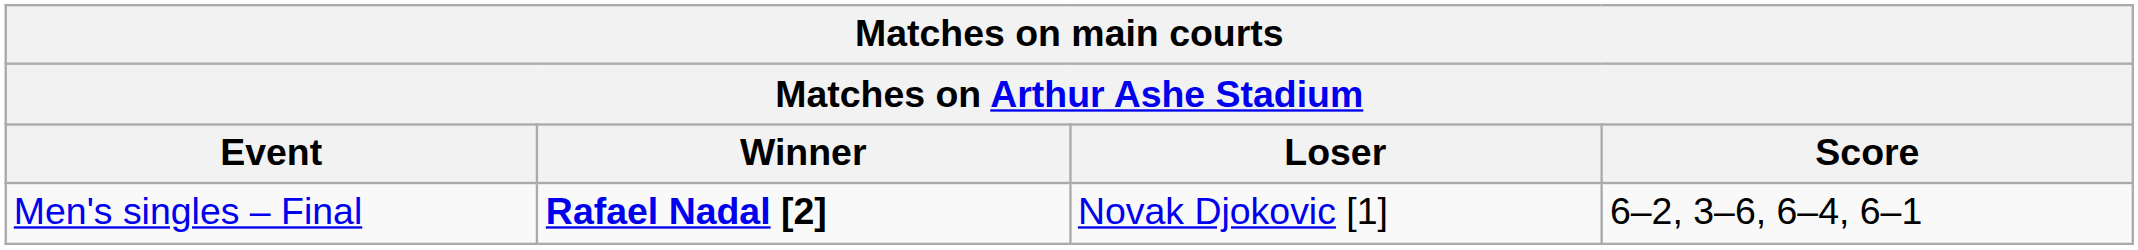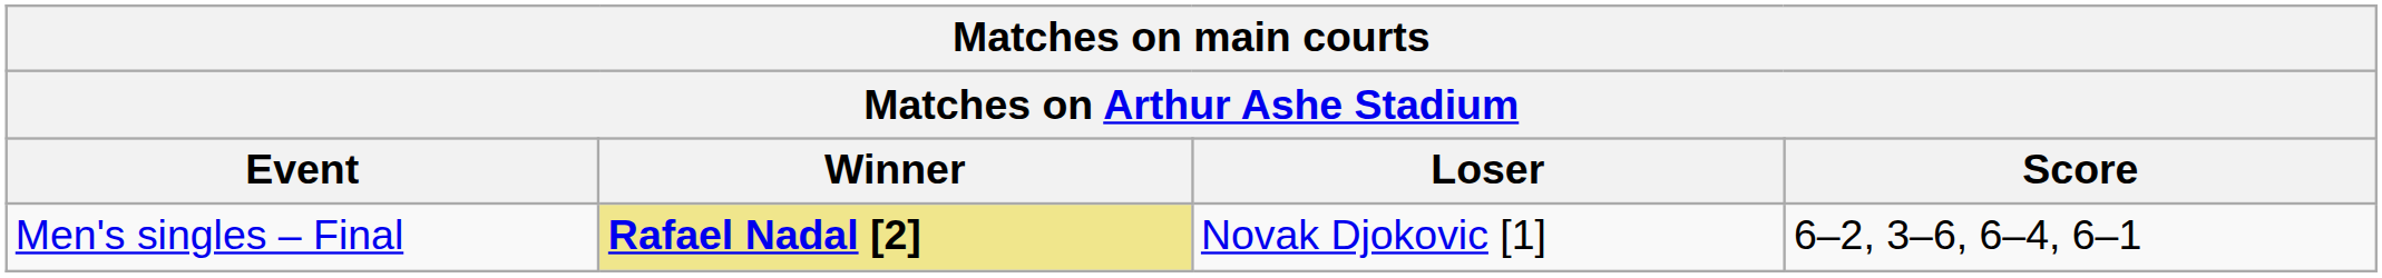 <table class="wikitable collapsible uncollapsed" style="margin:auto;">
 <tr>
 <th colspan="4" style="white-space:nowrap;">Matches on main courts</th>
 </tr>
 <tr>
 <th colspan="4"><strong>Matches on <a href='#'>Arthur Ashe Stadium</a></strong></th>
 </tr>
 <tr>
 <th width="220">Event</th>
 <th width="220">Winner</th>
 <th width="220">Loser</th>
 <th width="220">Score</th>
 </tr>
 <tr>
 <td><a href='#'>Men's singles – Final</a></td>
-<td><strong> <a href='#'>Rafael Nadal</a> [2]</strong></td>
+<td style="background: khaki;"><strong> <a href='#'>Rafael Nadal</a> [2]</strong></td>
 <td> <a href='#'>Novak Djokovic</a> [1]</td>
 <td>6–2, 3–6, 6–4, 6–1</td>
 </tr>
 </table>
